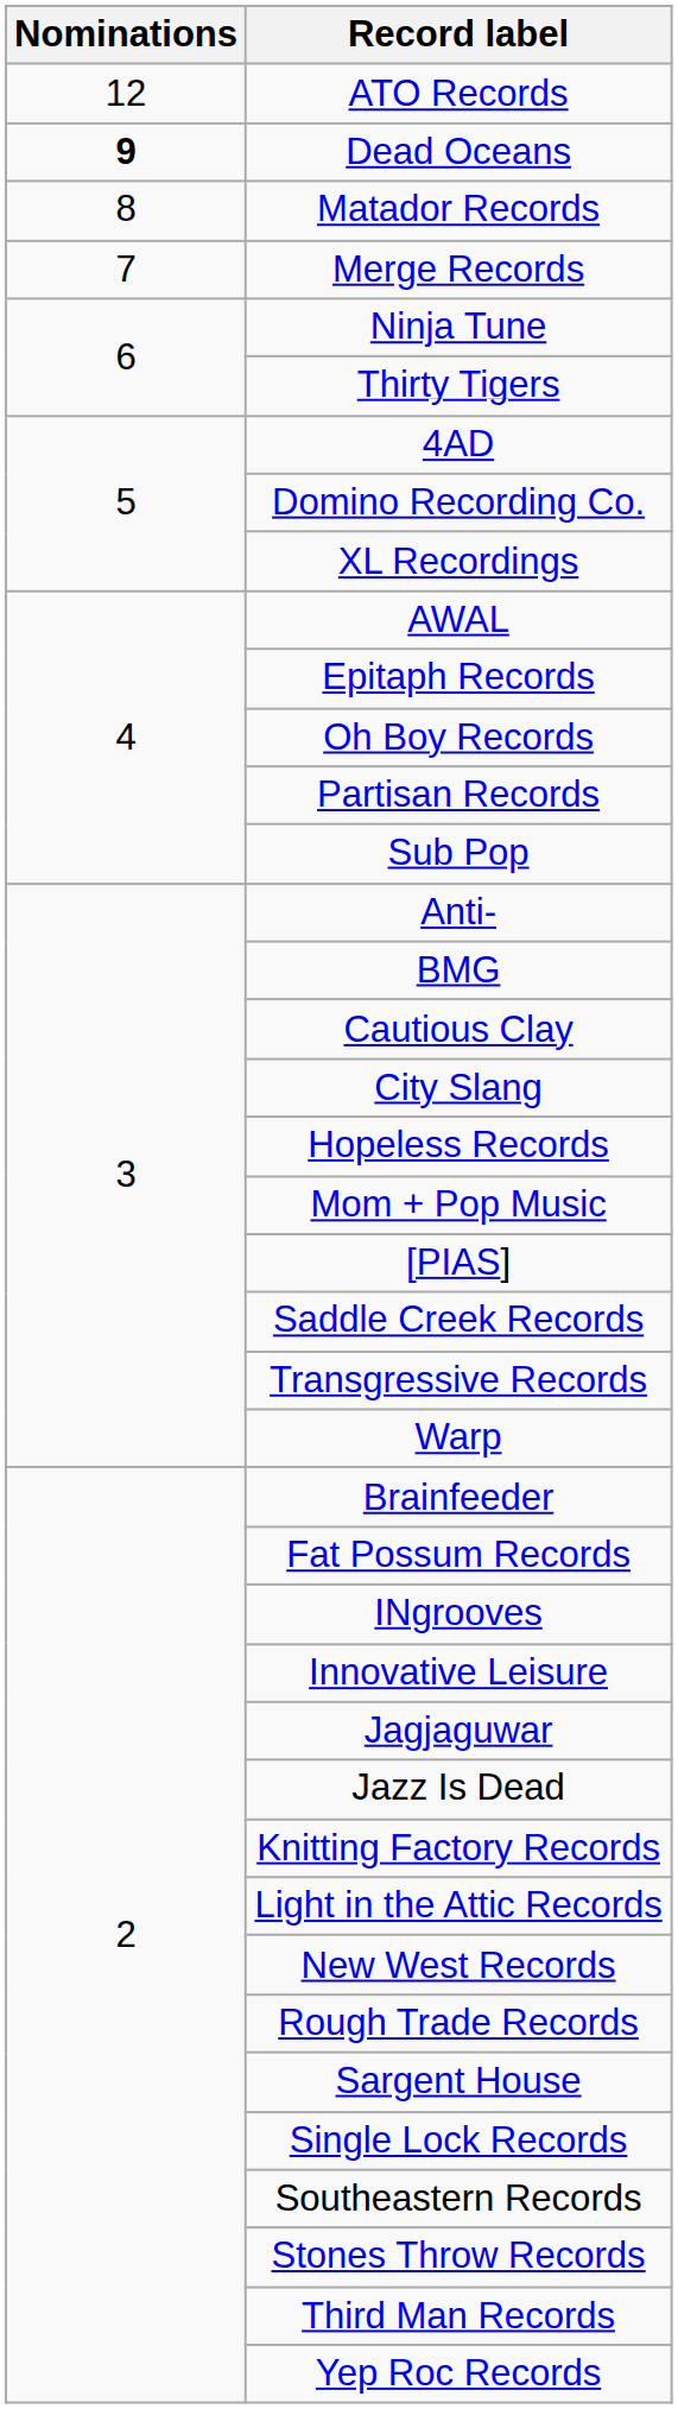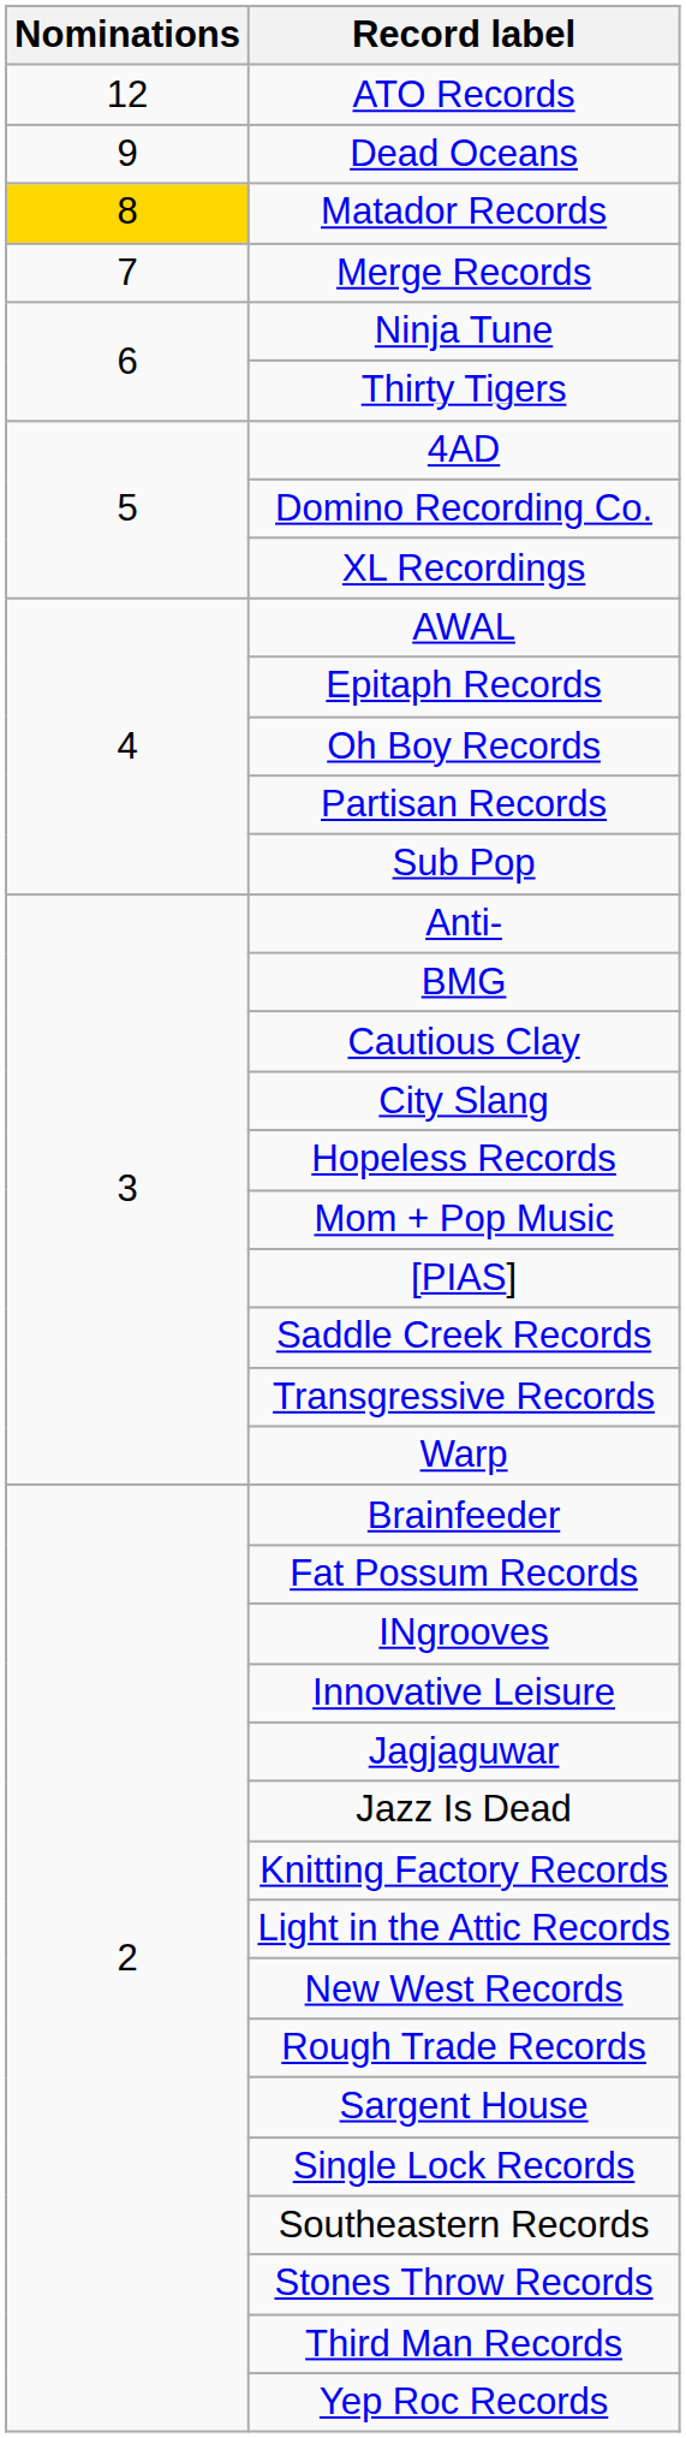 <table class="wikitable sortable" style="text-align: center">
 <tr>
 <th>Nominations</th>
 <th>Record label</th>
 </tr>
 <tr>
 <td>12</td>
 <td><a href='#'>ATO Records</a></td>
 </tr>
 <tr>
-<td><strong>9</strong></td>
+<td>9</td>
 <td><a href='#'>Dead Oceans</a></td>
 </tr>
 <tr>
-<td>8</td>
+<td style="background: gold;">8</td>
 <td><a href='#'>Matador Records</a></td>
 </tr>
 <tr>
 <td>7</td>
 <td><a href='#'>Merge Records</a></td>
 </tr>
 <tr>
 <td rowspan="2">6</td>
 <td><a href='#'>Ninja Tune</a></td>
 </tr>
 <tr>
 <td><a href='#'>Thirty Tigers</a></td>
 </tr>
 <tr>
 <td rowspan="3">5</td>
 <td><a href='#'>4AD</a></td>
 </tr>
 <tr>
 <td><a href='#'>Domino Recording Co.</a></td>
 </tr>
 <tr>
 <td><a href='#'>XL Recordings</a></td>
 </tr>
 <tr>
 <td rowspan="5">4</td>
 <td><a href='#'>AWAL</a></td>
 </tr>
 <tr>
 <td><a href='#'>Epitaph Records</a></td>
 </tr>
 <tr>
 <td><a href='#'>Oh Boy Records</a></td>
 </tr>
 <tr>
 <td><a href='#'>Partisan Records</a></td>
 </tr>
 <tr>
 <td><a href='#'>Sub Pop</a></td>
 </tr>
 <tr>
 <td rowspan="10">3</td>
 <td><a href='#'>Anti-</a></td>
 </tr>
 <tr>
 <td><a href='#'>BMG</a></td>
 </tr>
 <tr>
 <td><a href='#'>Cautious Clay</a></td>
 </tr>
 <tr>
 <td><a href='#'>City Slang</a></td>
 </tr>
 <tr>
 <td><a href='#'>Hopeless Records</a></td>
 </tr>
 <tr>
 <td><a href='#'>Mom + Pop Music</a></td>
 </tr>
 <tr>
 <td><a href='#'>[PIAS</a>]</td>
 </tr>
 <tr>
 <td><a href='#'>Saddle Creek Records</a></td>
 </tr>
 <tr>
 <td><a href='#'>Transgressive Records</a></td>
 </tr>
 <tr>
 <td><a href='#'>Warp</a></td>
 </tr>
 <tr>
 <td rowspan="16">2</td>
 <td><a href='#'>Brainfeeder</a></td>
 </tr>
 <tr>
 <td><a href='#'>Fat Possum Records</a></td>
 </tr>
 <tr>
 <td><a href='#'>INgrooves</a></td>
 </tr>
 <tr>
 <td><a href='#'>Innovative Leisure</a></td>
 </tr>
 <tr>
 <td><a href='#'>Jagjaguwar</a></td>
 </tr>
 <tr>
 <td>Jazz Is Dead</td>
 </tr>
 <tr>
 <td><a href='#'>Knitting Factory Records</a></td>
 </tr>
 <tr>
 <td><a href='#'>Light in the Attic Records</a></td>
 </tr>
 <tr>
 <td><a href='#'>New West Records</a></td>
 </tr>
 <tr>
 <td><a href='#'>Rough Trade Records</a></td>
 </tr>
 <tr>
 <td><a href='#'>Sargent House</a></td>
 </tr>
 <tr>
 <td><a href='#'>Single Lock Records</a></td>
 </tr>
 <tr>
 <td>Southeastern Records</td>
 </tr>
 <tr>
 <td><a href='#'>Stones Throw Records</a></td>
 </tr>
 <tr>
 <td><a href='#'>Third Man Records</a></td>
 </tr>
 <tr>
 <td><a href='#'>Yep Roc Records</a></td>
 </tr>
 </table>
